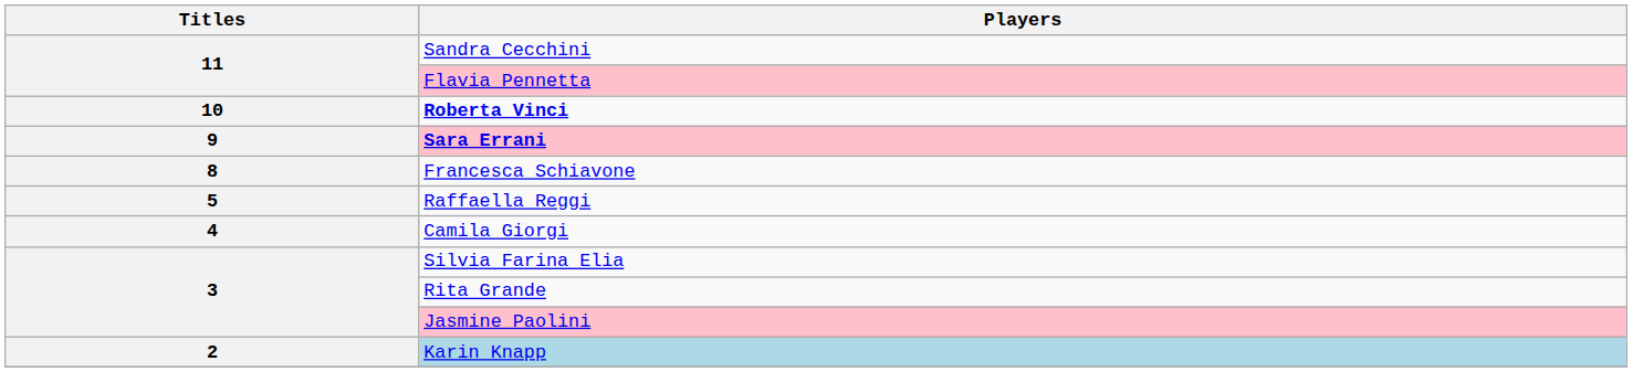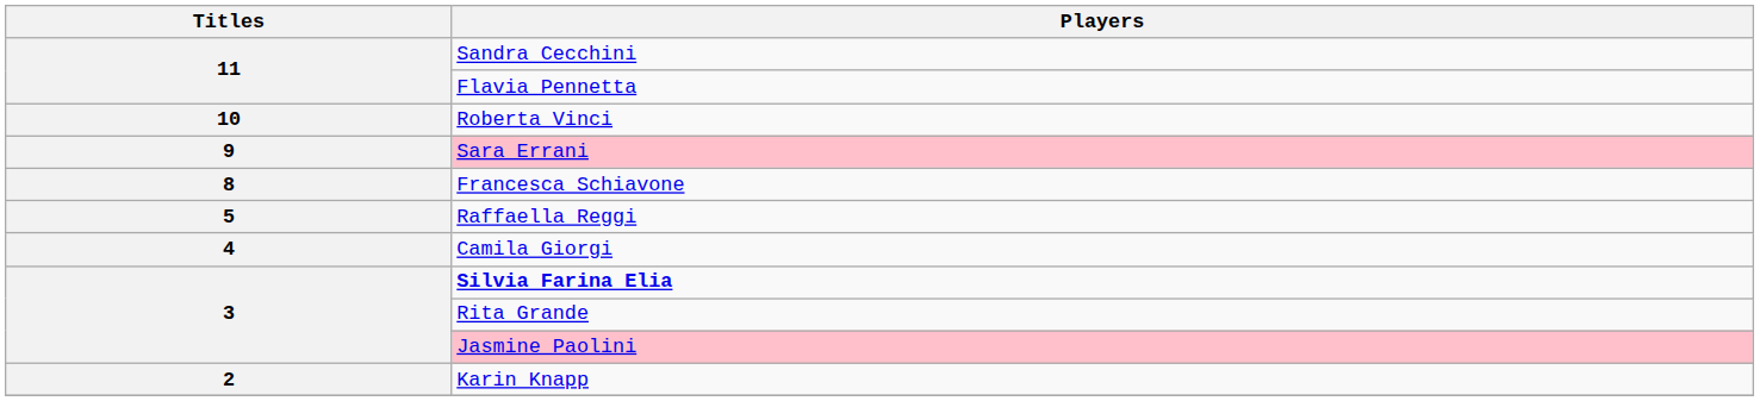 <table class="wikitable" width=90% style="font-size:100%; text-align:left;">
 <tr>
 <th>Titles</th>
 <th>Players</th>
 </tr>
 <tr>
 <th rowspan=2>11</th>
 <td><a href='#'>Sandra Cecchini</a></td>
 </tr>
 <tr>
-<td style="background: pink;"><a href='#'>Flavia Pennetta</a></td>
+<td><a href='#'>Flavia Pennetta</a></td>
 </tr>
 <tr>
 <th>10</th>
-<td><strong><a href='#'>Roberta Vinci</a></strong></td>
+<td><a href='#'>Roberta Vinci</a></td>
 </tr>
 <tr>
 <th>9</th>
-<td bgcolor=pink><strong><a href='#'>Sara Errani</a></strong></td>
+<td bgcolor=pink><a href='#'>Sara Errani</a></td>
 </tr>
 <tr>
 <th>8</th>
 <td><a href='#'>Francesca Schiavone</a></td>
 </tr>
 <tr>
 <th>5</th>
 <td><a href='#'>Raffaella Reggi</a></td>
 </tr>
 <tr>
 <th>4</th>
 <td><a href='#'>Camila Giorgi</a></td>
 </tr>
 <tr>
 <th rowspan=3>3</th>
-<td><a href='#'>Silvia Farina Elia</a></td>
+<td><strong><a href='#'>Silvia Farina Elia</a></strong></td>
 </tr>
 <tr>
 <td><a href='#'>Rita Grande</a></td>
 </tr>
 <tr>
 <td bgcolor=pink><a href='#'>Jasmine Paolini</a></td>
 </tr>
 <tr>
 <th>2</th>
-<td style="background: lightblue;"><a href='#'>Karin Knapp</a></td>
+<td><a href='#'>Karin Knapp</a></td>
 </tr>
 <tr>
 </tr>
 </table>
